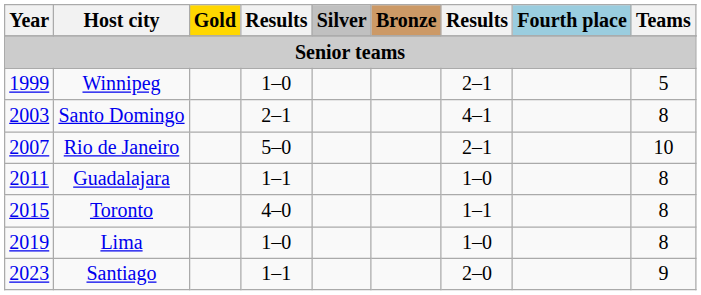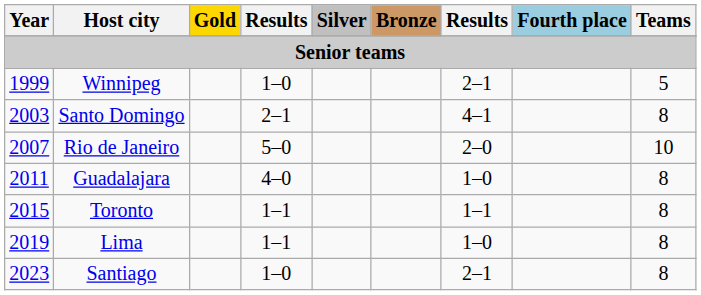 <table class="wikitable" style="text-align: center;">
 <tr>
 <th>Year</th>
 <th>Host city</th>
 <th style="background:gold">Gold</th>
 <th>Results</th>
 <th style="background:silver">Silver</th>
 <th style="background:#c96">Bronze</th>
 <th>Results</th>
 <th style="background:#9acddf">Fourth place</th>
 <th>Teams</th>
 </tr>
 <tr>
 </tr>
 <tr bgcolor=#cccccc align=center>
 <td colspan=10><strong>Senior teams</strong></td>
 </tr>
 <tr>
 <td><a href='#'>1999</a></td>
 <td> <a href='#'>Winnipeg</a></td>
 <td><strong></strong></td>
 <td>1–0</td>
 <td></td>
 <td></td>
 <td>2–1</td>
 <td></td>
 <td>5</td>
 </tr>
 <tr>
 <td><a href='#'>2003</a></td>
 <td> <a href='#'>Santo Domingo</a></td>
 <td><strong></strong></td>
 <td>2–1<br><small></small></td>
 <td></td>
 <td></td>
 <td>4–1</td>
 <td></td>
 <td>8</td>
 </tr>
 <tr>
 <td><a href='#'>2007</a></td>
 <td> <a href='#'>Rio de Janeiro</a></td>
 <td><strong></strong></td>
 <td>5–0</td>
 <td></td>
 <td></td>
-<td>2–1</td>
+<td>2–0</td>
 <td></td>
 <td>10</td>
 </tr>
 <tr>
 <td><a href='#'>2011</a></td>
 <td> <a href='#'>Guadalajara</a></td>
 <td><strong></strong></td>
-<td>1–1<br><small></small></td>
+<td>4–0</td>
 <td></td>
 <td></td>
 <td>1–0<br><small></small></td>
 <td></td>
 <td>8</td>
 </tr>
 <tr>
 <td><a href='#'>2015</a></td>
 <td> <a href='#'>Toronto</a></td>
 <td><strong></strong></td>
-<td>4–0</td>
+<td>1–1<br><small></small></td>
 <td></td>
 <td></td>
 <td>1–1<br><small></small></td>
 <td></td>
 <td>8</td>
 </tr>
 <tr>
 <td><a href='#'>2019</a></td>
 <td> <a href='#'>Lima</a></td>
 <td><strong></strong></td>
-<td>1–0</td>
+<td>1–1<br><small></small></td>
 <td></td>
 <td></td>
 <td>1–0</td>
 <td></td>
 <td>8</td>
 </tr>
 <tr>
 <td><a href='#'>2023</a></td>
 <td> <a href='#'>Santiago</a></td>
 <td><strong></strong></td>
-<td>1–1<br><small></small></td>
+<td>1–0</td>
 <td></td>
 <td></td>
-<td>2–0</td>
+<td>2–1</td>
 <td></td>
-<td>9</td>
+<td>8</td>
 </tr>
 </table>
